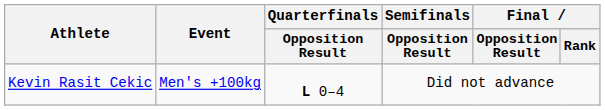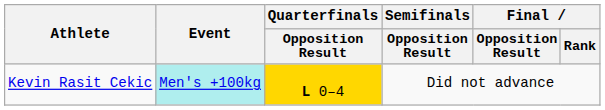 <table class="wikitable" style="font-size:90%">
 <tr>
 <th rowspan="2">Athlete</th>
 <th rowspan="2">Event</th>
 <th>Quarterfinals</th>
 <th>Semifinals</th>
 <th colspan=2>Final / </th>
 </tr>
 <tr style="font-size:95%">
 <th>Opposition<br>Result</th>
 <th>Opposition<br>Result</th>
 <th>Opposition<br>Result</th>
 <th>Rank</th>
 </tr>
 <tr align=center>
 <td align=left><a href='#'>Kevin Rasit Cekic</a></td>
-<td align=left><a href='#'>Men's +100kg</a></td>
-<td><br><strong>L</strong> 0–4</td>
+<td align=left style="background: paleturquoise;"><a href='#'>Men's +100kg</a></td>
+<td style="background: gold;"><br><strong>L</strong> 0–4</td>
 <td colspan=3>Did not advance</td>
 </tr>
 </table>
